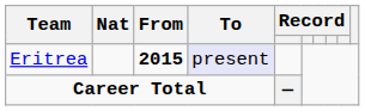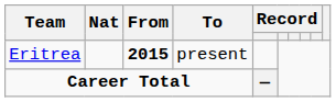 <table class="wikitable" style="text-align: center">
 <tr>
 <th rowspan="2">Team</th>
 <th rowspan="2">Nat</th>
 <th rowspan="2">From</th>
 <th rowspan="2">To</th>
 <th colspan="5">Record</th>
 <th rowspan=2></th>
 </tr>
 <tr>
 <th></th>
 <th></th>
 <th></th>
 <th></th>
 <th></th>
 </tr>
 <tr>
 <td align="left"><a href='#'>Eritrea</a></td>
 <td align="center"></td>
 <td align="center"><strong>2015</strong></td>
-<td align="center" style="background: lavender;">present<br></td>
+<td align="center">present<br></td>
 <td></td>
 </tr>
 <tr>
 <td colspan=4><strong>Career Total</strong><br></td>
 <th>—</th>
 </tr>
 </table>
